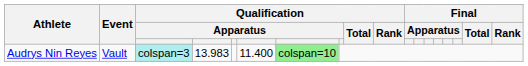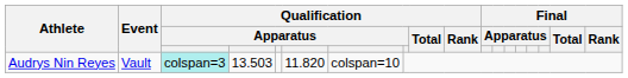 <table class="wikitable" style="font-size:90%">
 <tr>
 <th rowspan=3>Athlete</th>
 <th rowspan=3>Event</th>
 <th colspan =8>Qualification</th>
 <th colspan =8>Final</th>
 </tr>
 <tr style="font-size:95%">
 <th colspan=6>Apparatus</th>
 <th rowspan=2>Total</th>
 <th rowspan=2>Rank</th>
 <th colspan=6>Apparatus</th>
 <th rowspan=2>Total</th>
 <th rowspan=2>Rank</th>
 </tr>
 <tr style="font-size:95%">
 <th></th>
 <th></th>
 <th></th>
 <th></th>
 <th></th>
 <th></th>
 <th></th>
 <th></th>
 <th></th>
 <th></th>
 <th></th>
 <th></th>
 </tr>
 <tr align=center>
 <td align=left><a href='#'>Audrys Nin Reyes</a></td>
 <td align=left><a href='#'>Vault</a></td>
 <td style="background: paleturquoise;">colspan=3 </td>
-<td>13.983</td>
+<td>13.503</td>
 <td></td>
-<td>11.400</td>
-<td style="background: lightgreen;">colspan=10 </td>
+<td>11.820</td>
+<td>colspan=10 </td>
 </tr>
 </table>
